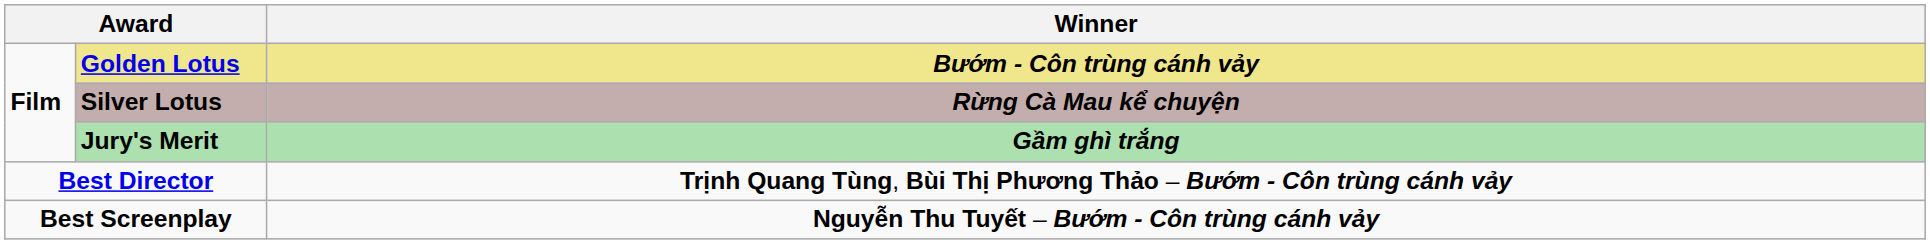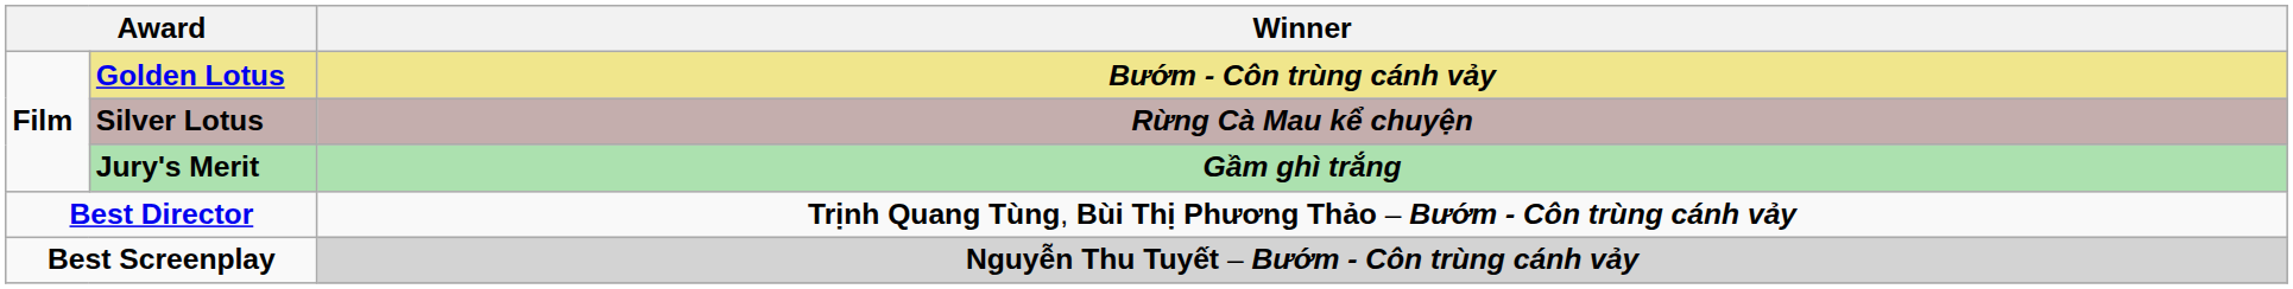 <table class=wikitable>
 <tr>
 <th width="12%" colspan="2">Award</th>
 <th width="76%">Winner</th>
 </tr>
 <tr>
 <td rowspan="3"><strong>Film</strong></td>
 <td style="background:#F0E68C"><strong><a href='#'>Golden Lotus</a></strong></td>
 <td style="background:#F0E68C" align=center><strong><em>Bướm - Côn trùng cánh vảy</em></strong></td>
 </tr>
 <tr>
 <td style="background:#C4AEAD"><strong>Silver Lotus</strong></td>
 <td style="background:#C4AEAD" align=center><strong><em>Rừng Cà Mau kể chuyện</em></strong></td>
 </tr>
 <tr>
 <td style="background:#ACE1AF"><strong>Jury's Merit</strong></td>
 <td style="background:#ACE1AF" align=center><strong><em>Gầm ghì trắng</em></strong></td>
 </tr>
 <tr>
 <td colspan="2" align=center><strong><a href='#'>Best Director</a></strong></td>
 <td align=center><strong>Trịnh Quang Tùng</strong>, <strong>Bùi Thị Phương Thảo</strong> – <strong><em>Bướm - Côn trùng cánh vảy</em></strong></td>
 </tr>
 <tr>
 <td colspan="2" align=center><strong>Best Screenplay</strong></td>
-<td align=center><strong>Nguyễn Thu Tuyết</strong> – <strong><em>Bướm - Côn trùng cánh vảy</em></strong></td>
+<td align=center style="background: lightgrey;"><strong>Nguyễn Thu Tuyết</strong> – <strong><em>Bướm - Côn trùng cánh vảy</em></strong></td>
 </tr>
 </table>
